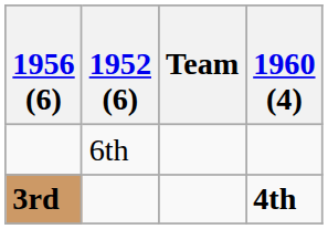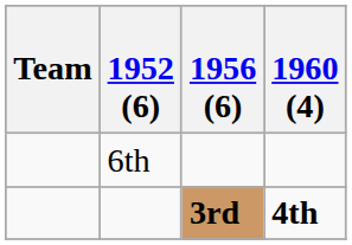 <table class="wikitable">
 <tr>
+<th>Team</th>
+<th><br><a href='#'>1952</a><br>(6)</th>
 <th><br><a href='#'>1956</a><br>(6)</th>
-<th><br><a href='#'>1952</a><br>(6)</th>
-<th>Team</th>
 <th><br><a href='#'>1960</a><br>(4)</th>
 </tr>
 <tr>
 <td></td>
 <td>6th</td>
 <td></td>
 <td></td>
 </tr>
 <tr>
-<td style="background:#c96;"><strong>3rd</strong></td>
 <td></td>
 <td></td>
+<td style="background:#c96;"><strong>3rd</strong></td>
 <td><strong>4th</strong></td>
 </tr>
 </table>
